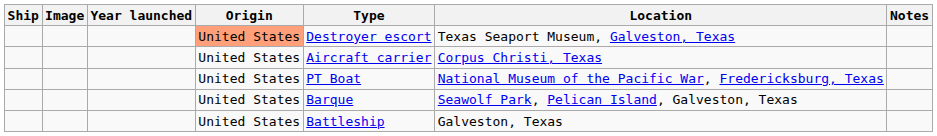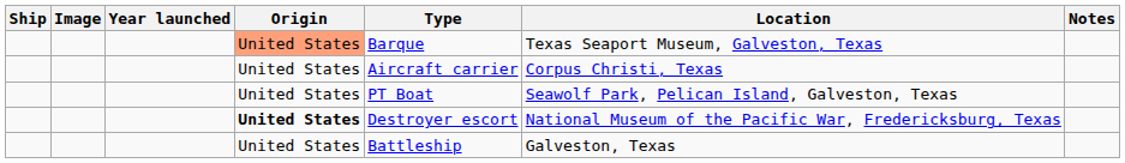 <table class="wikitable sortable">
 <tr>
 <th>Ship</th>
 <th>Image</th>
 <th>Year launched</th>
 <th>Origin</th>
 <th>Type</th>
 <th>Location</th>
 <th>Notes</th>
 </tr>
 <tr>
 <td data-sort-value="Elissa"></td>
 <td></td>
 <td></td>
 <td style="background: lightsalmon;"> United States</td>
-<td><a href='#'>Destroyer escort</a></td>
+<td><a href='#'>Barque</a></td>
 <td>Texas Seaport Museum, <a href='#'>Galveston, Texas</a><br></td>
 <td></td>
 </tr>
 <tr>
 <td data-sort-value=Lexington></td>
 <td></td>
 <td></td>
 <td> United States</td>
 <td><a href='#'>Aircraft carrier</a></td>
 <td><a href='#'>Corpus Christi, Texas</a><br></td>
 <td></td>
 </tr>
 <tr>
 <td></td>
 <td></td>
 <td></td>
 <td> United States</td>
 <td><a href='#'>PT Boat</a></td>
-<td><a href='#'>National Museum of the Pacific War</a>, <a href='#'>Fredericksburg, Texas</a></td>
+<td><a href='#'>Seawolf Park</a>, <a href='#'>Pelican Island</a>, Galveston, Texas</td>
 <td></td>
 </tr>
 <tr>
 <td data-sort-value=Stewart></td>
 <td></td>
 <td></td>
-<td> United States</td>
-<td><a href='#'>Barque</a></td>
-<td><a href='#'>Seawolf Park</a>, <a href='#'>Pelican Island</a>, Galveston, Texas</td>
+<td><strong> United States</strong></td>
+<td><a href='#'>Destroyer escort</a></td>
+<td><a href='#'>National Museum of the Pacific War</a>, <a href='#'>Fredericksburg, Texas</a></td>
 <td></td>
 </tr>
 <tr>
 <td data-sort-value=Texas></td>
 <td></td>
 <td></td>
 <td> United States</td>
 <td><a href='#'>Battleship</a></td>
 <td>Galveston, Texas</td>
 <td></td>
 </tr>
 <tr>
 </tr>
 </table>
